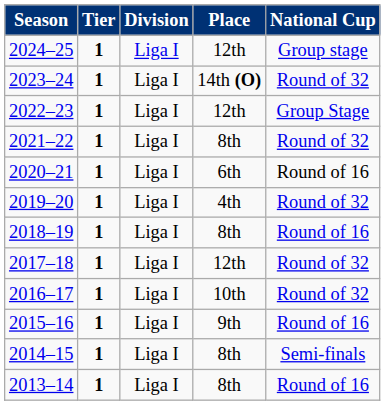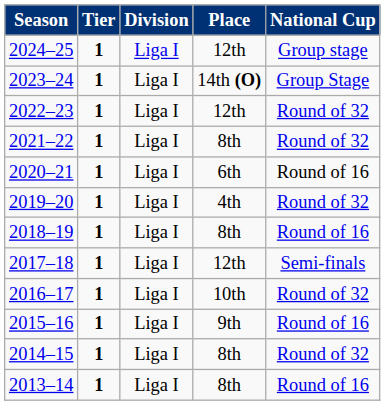 <table class="wikitable" style="text-align:center; font-size:90%">
 <tr>
 <th style="background:#003174;color:#ffffff;">Season</th>
 <th style="background:#003174;color:#ffffff;">Tier</th>
 <th style="background:#003174;color:#ffffff;">Division</th>
 <th style="background:#003174;color:#ffffff;">Place</th>
 <th style="background:#003174;color:#ffffff;">National Cup</th>
 </tr>
 <tr>
 <td><a href='#'>2024–25</a></td>
 <td><strong>1</strong></td>
 <td><a href='#'>Liga I</a></td>
 <td>12th</td>
 <td><a href='#'>Group stage</a></td>
 </tr>
 <tr>
 <td><a href='#'>2023–24</a></td>
 <td><strong>1</strong></td>
 <td>Liga I</td>
 <td>14th <strong>(O)</strong></td>
-<td><a href='#'>Round of 32</a></td>
+<td><a href='#'>Group Stage</a></td>
 </tr>
 <tr>
 <td><a href='#'>2022–23</a></td>
 <td><strong>1</strong></td>
 <td>Liga I</td>
 <td>12th</td>
-<td><a href='#'>Group Stage</a></td>
+<td><a href='#'>Round of 32</a></td>
 </tr>
 <tr>
 <td><a href='#'>2021–22</a></td>
 <td><strong>1</strong></td>
 <td>Liga I</td>
 <td>8th</td>
 <td><a href='#'>Round of 32</a></td>
 </tr>
 <tr>
 <td><a href='#'>2020–21</a></td>
 <td><strong>1</strong></td>
 <td>Liga I</td>
 <td>6th</td>
 <td>Round of 16</td>
 </tr>
 <tr>
 <td><a href='#'>2019–20</a></td>
 <td><strong>1</strong></td>
 <td>Liga I</td>
 <td>4th</td>
 <td><a href='#'>Round of 32</a></td>
 </tr>
 <tr>
 <td><a href='#'>2018–19</a></td>
 <td><strong>1</strong></td>
 <td>Liga I</td>
 <td>8th</td>
 <td><a href='#'>Round of 16</a></td>
 </tr>
 <tr>
 <td><a href='#'>2017–18</a></td>
 <td><strong>1</strong></td>
 <td>Liga I</td>
 <td>12th</td>
-<td><a href='#'>Round of 32</a></td>
+<td><a href='#'>Semi-finals</a></td>
 </tr>
 <tr>
 <td><a href='#'>2016–17</a></td>
 <td><strong>1</strong></td>
 <td>Liga I</td>
 <td>10th</td>
 <td><a href='#'>Round of 32</a></td>
 </tr>
 <tr>
 <td><a href='#'>2015–16</a></td>
 <td><strong>1</strong></td>
 <td>Liga I</td>
 <td>9th</td>
 <td><a href='#'>Round of 16</a></td>
 </tr>
 <tr>
 <td><a href='#'>2014–15</a></td>
 <td><strong>1</strong></td>
 <td>Liga I</td>
 <td>8th</td>
-<td><a href='#'>Semi-finals</a></td>
+<td><a href='#'>Round of 32</a></td>
 </tr>
 <tr>
 <td><a href='#'>2013–14</a></td>
 <td><strong>1</strong></td>
 <td>Liga I</td>
 <td>8th</td>
 <td><a href='#'>Round of 16</a></td>
 </tr>
 </table>
